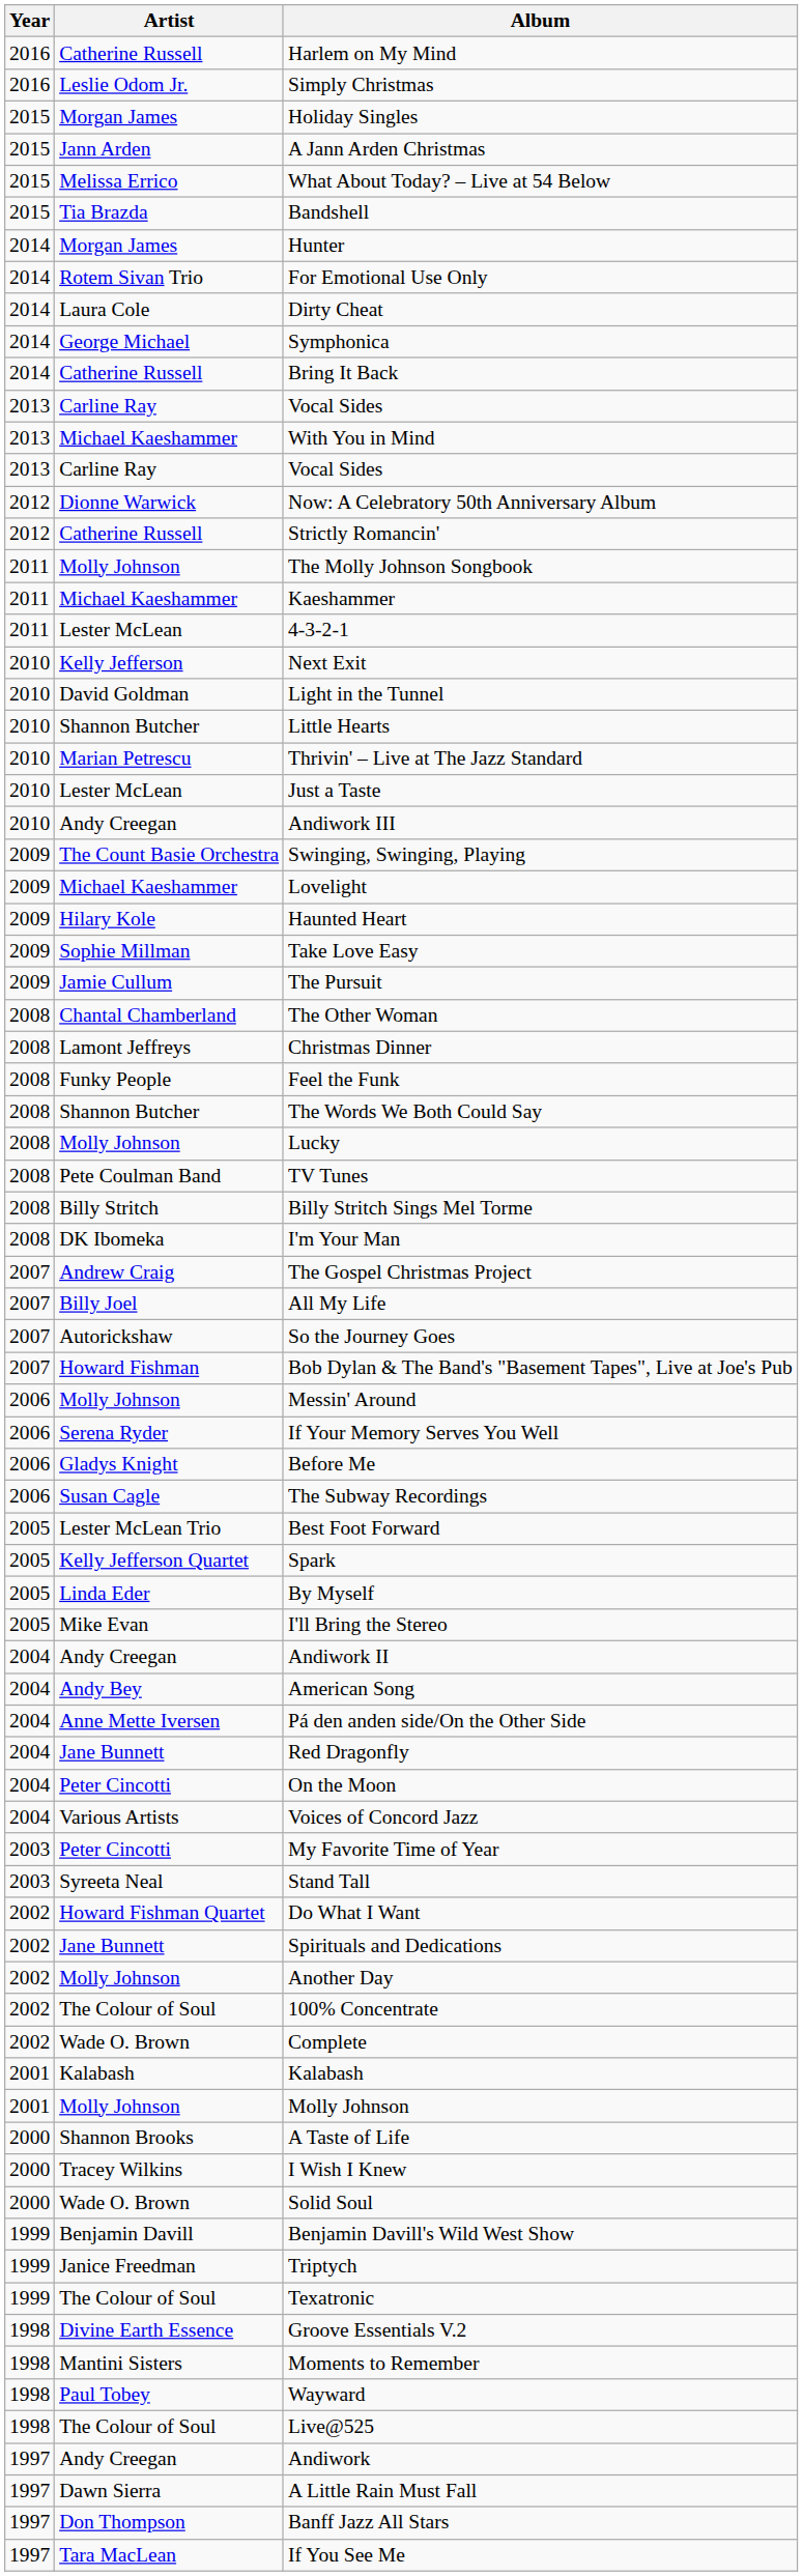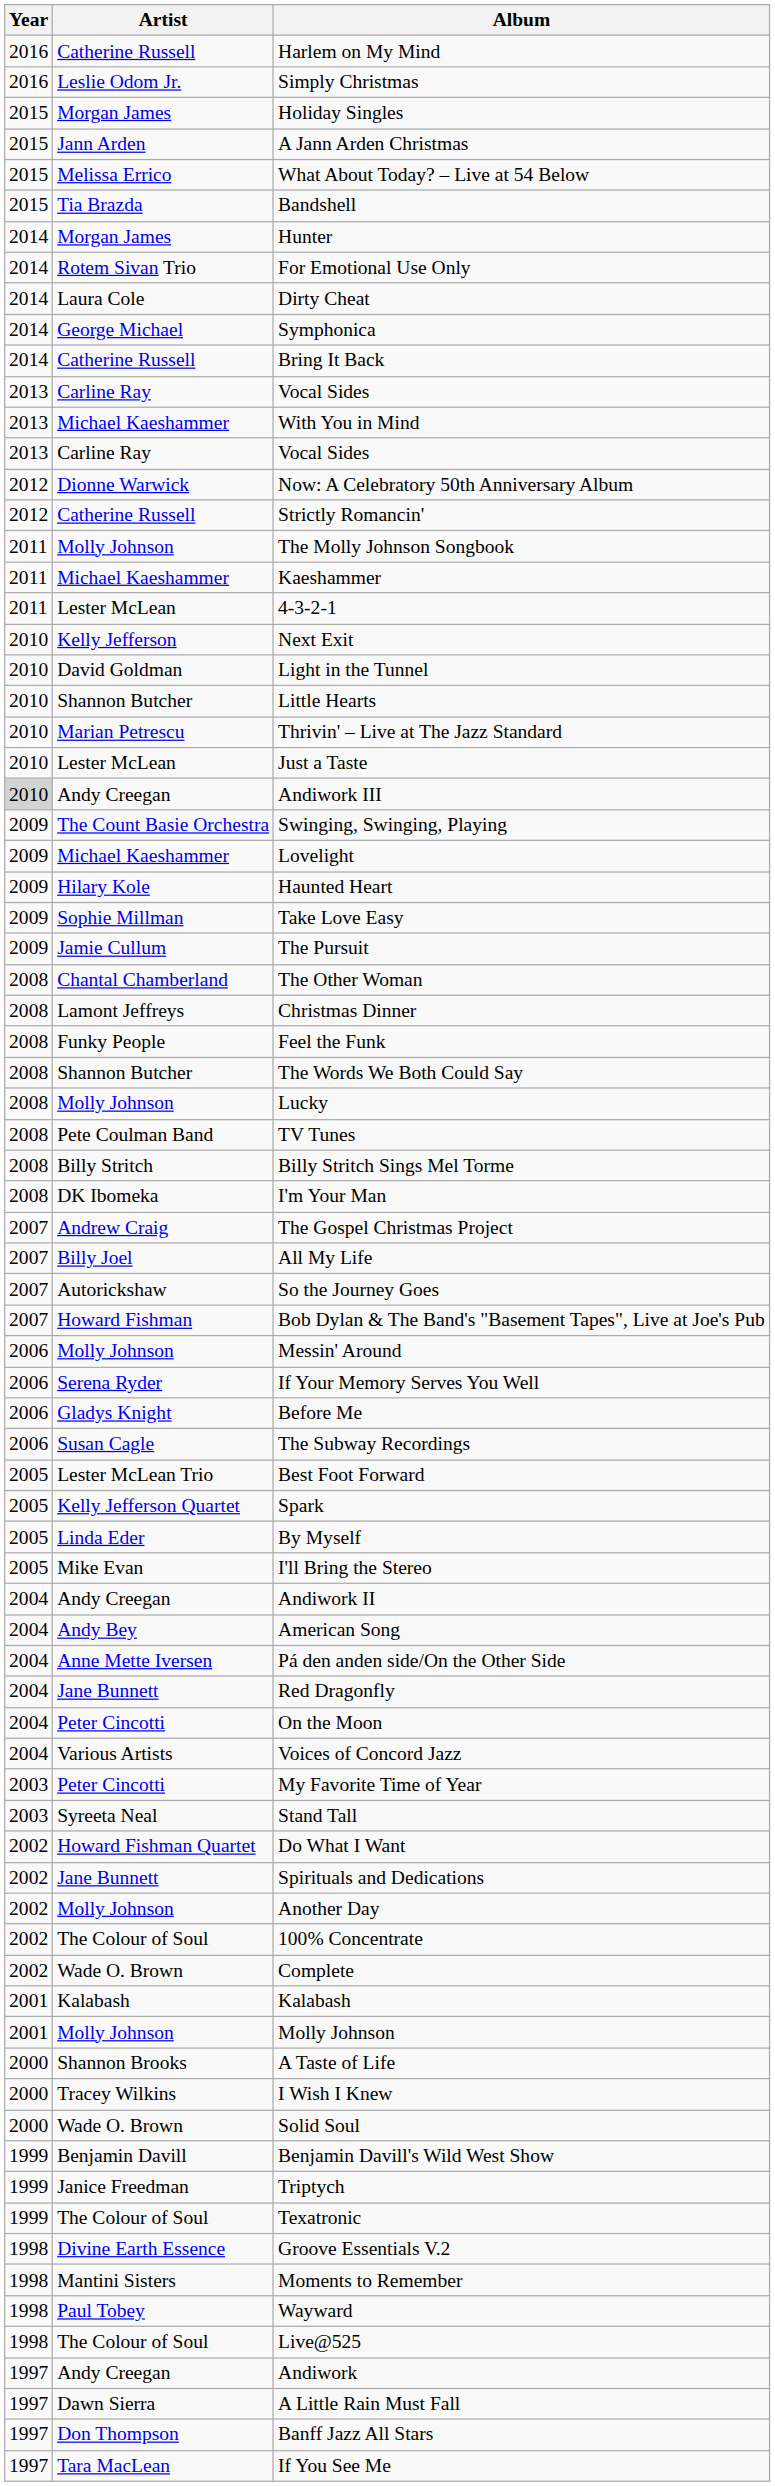 <table class="wikitable">
 <tr>
 <th>Year</th>
 <th>Artist</th>
 <th>Album</th>
 </tr>
 <tr>
 <td>2016</td>
 <td><a href='#'>Catherine Russell</a></td>
 <td>Harlem on My Mind</td>
 </tr>
 <tr>
 <td>2016</td>
 <td><a href='#'>Leslie Odom Jr.</a></td>
 <td>Simply Christmas</td>
 </tr>
 <tr>
 <td>2015</td>
 <td><a href='#'>Morgan James</a></td>
 <td>Holiday Singles</td>
 </tr>
 <tr>
 <td>2015</td>
 <td><a href='#'>Jann Arden</a></td>
 <td>A Jann Arden Christmas</td>
 </tr>
 <tr>
 <td>2015</td>
 <td><a href='#'>Melissa Errico</a></td>
 <td>What About Today? – Live at 54 Below</td>
 </tr>
 <tr>
 <td>2015</td>
 <td><a href='#'>Tia Brazda</a></td>
 <td>Bandshell</td>
 </tr>
 <tr>
 <td>2014</td>
 <td><a href='#'>Morgan James</a></td>
 <td>Hunter</td>
 </tr>
 <tr>
 <td>2014</td>
 <td><a href='#'>Rotem Sivan</a> Trio</td>
 <td>For Emotional Use Only</td>
 </tr>
 <tr>
 <td>2014</td>
 <td>Laura Cole</td>
 <td>Dirty Cheat</td>
 </tr>
 <tr>
 <td>2014</td>
 <td><a href='#'>George Michael</a></td>
 <td>Symphonica</td>
 </tr>
 <tr>
 <td>2014</td>
 <td><a href='#'>Catherine Russell</a></td>
 <td>Bring It Back</td>
 </tr>
 <tr>
 <td>2013</td>
 <td><a href='#'>Carline Ray</a></td>
 <td>Vocal Sides</td>
 </tr>
 <tr>
 <td>2013</td>
 <td><a href='#'>Michael Kaeshammer</a></td>
 <td>With You in Mind</td>
 </tr>
 <tr>
 <td>2013</td>
 <td>Carline Ray</td>
 <td>Vocal Sides</td>
 </tr>
 <tr>
 <td>2012</td>
 <td><a href='#'>Dionne Warwick</a></td>
 <td>Now: A Celebratory 50th Anniversary Album</td>
 </tr>
 <tr>
 <td>2012</td>
 <td><a href='#'>Catherine Russell</a></td>
 <td>Strictly Romancin'</td>
 </tr>
 <tr>
 <td>2011</td>
 <td><a href='#'>Molly Johnson</a></td>
 <td>The Molly Johnson Songbook</td>
 </tr>
 <tr>
 <td>2011</td>
 <td><a href='#'>Michael Kaeshammer</a></td>
 <td>Kaeshammer</td>
 </tr>
 <tr>
 <td>2011</td>
 <td>Lester McLean</td>
 <td>4-3-2-1</td>
 </tr>
 <tr>
 <td>2010</td>
 <td><a href='#'>Kelly Jefferson</a></td>
 <td>Next Exit</td>
 </tr>
 <tr>
 <td>2010</td>
 <td>David Goldman</td>
 <td>Light in the Tunnel</td>
 </tr>
 <tr>
 <td>2010</td>
 <td>Shannon Butcher</td>
 <td>Little Hearts</td>
 </tr>
 <tr>
 <td>2010</td>
 <td><a href='#'>Marian Petrescu</a></td>
 <td>Thrivin' – Live at The Jazz Standard</td>
 </tr>
 <tr>
 <td>2010</td>
 <td>Lester McLean</td>
 <td>Just a Taste</td>
 </tr>
 <tr>
-<td>2010</td>
+<td style="background: lightgrey;">2010</td>
 <td>Andy Creegan</td>
 <td>Andiwork III</td>
 </tr>
 <tr>
 <td>2009</td>
 <td><a href='#'>The Count Basie Orchestra</a></td>
 <td>Swinging, Swinging, Playing</td>
 </tr>
 <tr>
 <td>2009</td>
 <td><a href='#'>Michael Kaeshammer</a></td>
 <td>Lovelight</td>
 </tr>
 <tr>
 <td>2009</td>
 <td><a href='#'>Hilary Kole</a></td>
 <td>Haunted Heart</td>
 </tr>
 <tr>
 <td>2009</td>
 <td><a href='#'>Sophie Millman</a></td>
 <td>Take Love Easy</td>
 </tr>
 <tr>
 <td>2009</td>
 <td><a href='#'>Jamie Cullum</a></td>
 <td>The Pursuit</td>
 </tr>
 <tr>
 <td>2008</td>
 <td><a href='#'>Chantal Chamberland</a></td>
 <td>The Other Woman</td>
 </tr>
 <tr>
 <td>2008</td>
 <td>Lamont Jeffreys</td>
 <td>Christmas Dinner</td>
 </tr>
 <tr>
 <td>2008</td>
 <td>Funky People</td>
 <td>Feel the Funk</td>
 </tr>
 <tr>
 <td>2008</td>
 <td>Shannon Butcher</td>
 <td>The Words We Both Could Say</td>
 </tr>
 <tr>
 <td>2008</td>
 <td><a href='#'>Molly Johnson</a></td>
 <td>Lucky</td>
 </tr>
 <tr>
 <td>2008</td>
 <td>Pete Coulman Band</td>
 <td>TV Tunes</td>
 </tr>
 <tr>
 <td>2008</td>
 <td>Billy Stritch</td>
 <td>Billy Stritch Sings Mel Torme</td>
 </tr>
 <tr>
 <td>2008</td>
 <td>DK Ibomeka</td>
 <td>I'm Your Man</td>
 </tr>
 <tr>
 <td>2007</td>
 <td><a href='#'>Andrew Craig</a></td>
 <td>The Gospel Christmas Project</td>
 </tr>
 <tr>
 <td>2007</td>
 <td><a href='#'>Billy Joel</a></td>
 <td>All My Life</td>
 </tr>
 <tr>
 <td>2007</td>
 <td>Autorickshaw</td>
 <td>So the Journey Goes</td>
 </tr>
 <tr>
 <td>2007</td>
 <td><a href='#'>Howard Fishman</a></td>
 <td>Bob Dylan & The Band's "Basement Tapes", Live at Joe's Pub</td>
 </tr>
 <tr>
 <td>2006</td>
 <td><a href='#'>Molly Johnson</a></td>
 <td>Messin' Around</td>
 </tr>
 <tr>
 <td>2006</td>
 <td><a href='#'>Serena Ryder</a></td>
 <td>If Your Memory Serves You Well</td>
 </tr>
 <tr>
 <td>2006</td>
 <td><a href='#'>Gladys Knight</a></td>
 <td>Before Me</td>
 </tr>
 <tr>
 <td>2006</td>
 <td><a href='#'>Susan Cagle</a></td>
 <td>The Subway Recordings</td>
 </tr>
 <tr>
 <td>2005</td>
 <td>Lester McLean Trio</td>
 <td>Best Foot Forward</td>
 </tr>
 <tr>
 <td>2005</td>
 <td><a href='#'>Kelly Jefferson Quartet</a></td>
 <td>Spark</td>
 </tr>
 <tr>
 <td>2005</td>
 <td><a href='#'>Linda Eder</a></td>
 <td>By Myself</td>
 </tr>
 <tr>
 <td>2005</td>
 <td>Mike Evan</td>
 <td>I'll Bring the Stereo</td>
 </tr>
 <tr>
 <td>2004</td>
 <td>Andy Creegan</td>
 <td>Andiwork II</td>
 </tr>
 <tr>
 <td>2004</td>
 <td><a href='#'>Andy Bey</a></td>
 <td>American Song</td>
 </tr>
 <tr>
 <td>2004</td>
 <td><a href='#'>Anne Mette Iversen</a></td>
 <td>Pá den anden side/On the Other Side</td>
 </tr>
 <tr>
 <td>2004</td>
 <td><a href='#'>Jane Bunnett</a></td>
 <td>Red Dragonfly</td>
 </tr>
 <tr>
 <td>2004</td>
 <td><a href='#'>Peter Cincotti</a></td>
 <td>On the Moon</td>
 </tr>
 <tr>
 <td>2004</td>
 <td>Various Artists</td>
 <td>Voices of Concord Jazz</td>
 </tr>
 <tr>
 <td>2003</td>
 <td><a href='#'>Peter Cincotti</a></td>
 <td>My Favorite Time of Year</td>
 </tr>
 <tr>
 <td>2003</td>
 <td>Syreeta Neal</td>
 <td>Stand Tall</td>
 </tr>
 <tr>
 <td>2002</td>
 <td><a href='#'>Howard Fishman Quartet</a></td>
 <td>Do What I Want</td>
 </tr>
 <tr>
 <td>2002</td>
 <td><a href='#'>Jane Bunnett</a></td>
 <td>Spirituals and Dedications</td>
 </tr>
 <tr>
 <td>2002</td>
 <td><a href='#'>Molly Johnson</a></td>
 <td>Another Day</td>
 </tr>
 <tr>
 <td>2002</td>
 <td>The Colour of Soul</td>
 <td>100% Concentrate</td>
 </tr>
 <tr>
 <td>2002</td>
 <td>Wade O. Brown</td>
 <td>Complete</td>
 </tr>
 <tr>
 <td>2001</td>
 <td>Kalabash</td>
 <td>Kalabash</td>
 </tr>
 <tr>
 <td>2001</td>
 <td><a href='#'>Molly Johnson</a></td>
 <td>Molly Johnson</td>
 </tr>
 <tr>
 <td>2000</td>
 <td>Shannon Brooks</td>
 <td>A Taste of Life</td>
 </tr>
 <tr>
 <td>2000</td>
 <td>Tracey Wilkins</td>
 <td>I Wish I Knew</td>
 </tr>
 <tr>
 <td>2000</td>
 <td>Wade O. Brown</td>
 <td>Solid Soul</td>
 </tr>
 <tr>
 <td>1999</td>
 <td>Benjamin Davill</td>
 <td>Benjamin Davill's Wild West Show</td>
 </tr>
 <tr>
 <td>1999</td>
 <td>Janice Freedman</td>
 <td>Triptych</td>
 </tr>
 <tr>
 <td>1999</td>
 <td>The Colour of Soul</td>
 <td>Texatronic</td>
 </tr>
 <tr>
 <td>1998</td>
 <td><a href='#'>Divine Earth Essence</a></td>
 <td>Groove Essentials V.2</td>
 </tr>
 <tr>
 <td>1998</td>
 <td>Mantini Sisters</td>
 <td>Moments to Remember</td>
 </tr>
 <tr>
 <td>1998</td>
 <td><a href='#'>Paul Tobey</a></td>
 <td>Wayward</td>
 </tr>
 <tr>
 <td>1998</td>
 <td>The Colour of Soul</td>
 <td>Live@525</td>
 </tr>
 <tr>
 <td>1997</td>
 <td>Andy Creegan</td>
 <td>Andiwork</td>
 </tr>
 <tr>
 <td>1997</td>
 <td>Dawn Sierra</td>
 <td>A Little Rain Must Fall</td>
 </tr>
 <tr>
 <td>1997</td>
 <td><a href='#'>Don Thompson</a></td>
 <td>Banff Jazz All Stars</td>
 </tr>
 <tr>
 <td>1997</td>
 <td><a href='#'>Tara MacLean</a></td>
 <td>If You See Me</td>
 </tr>
 </table>
